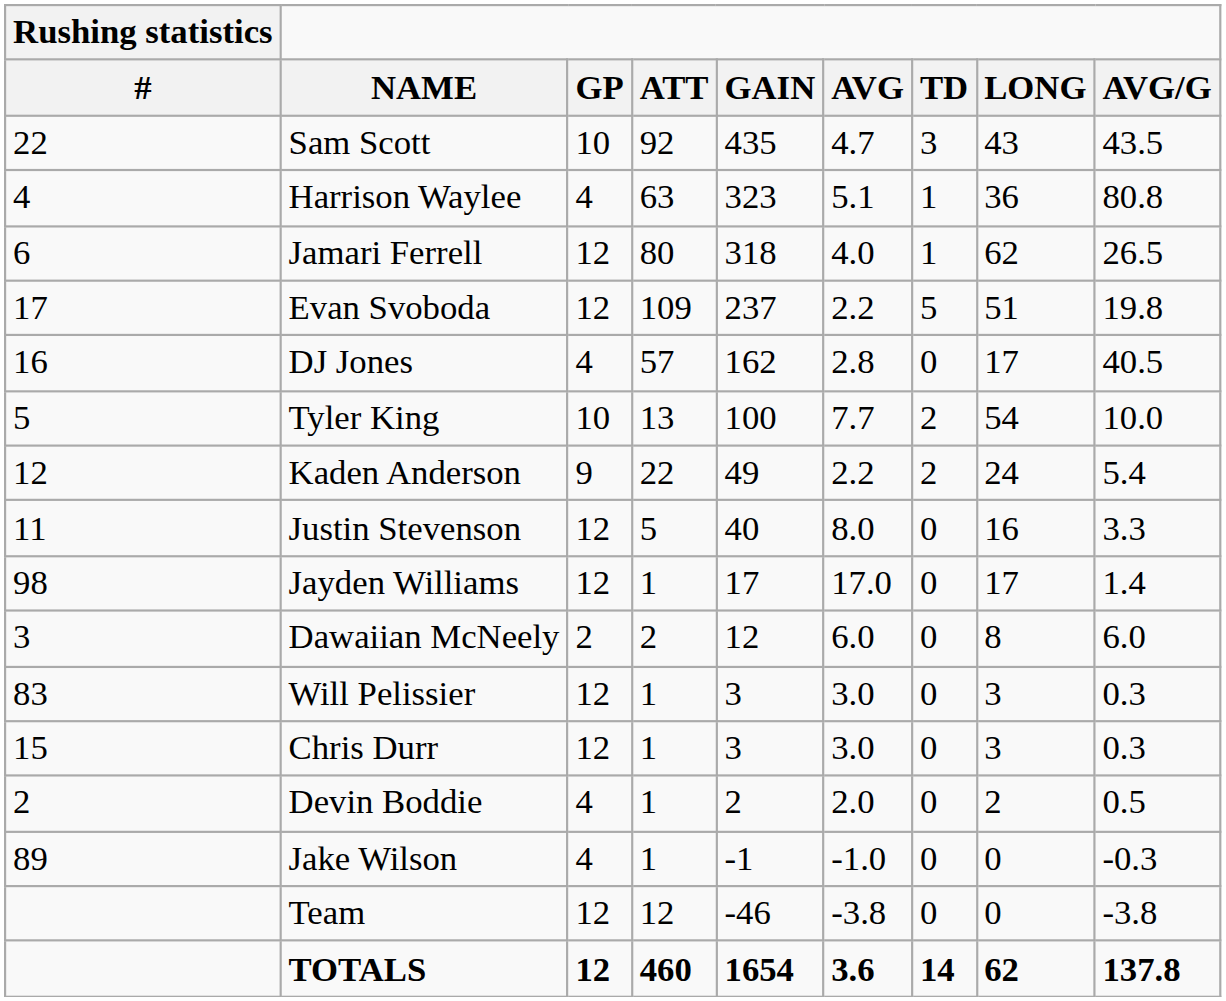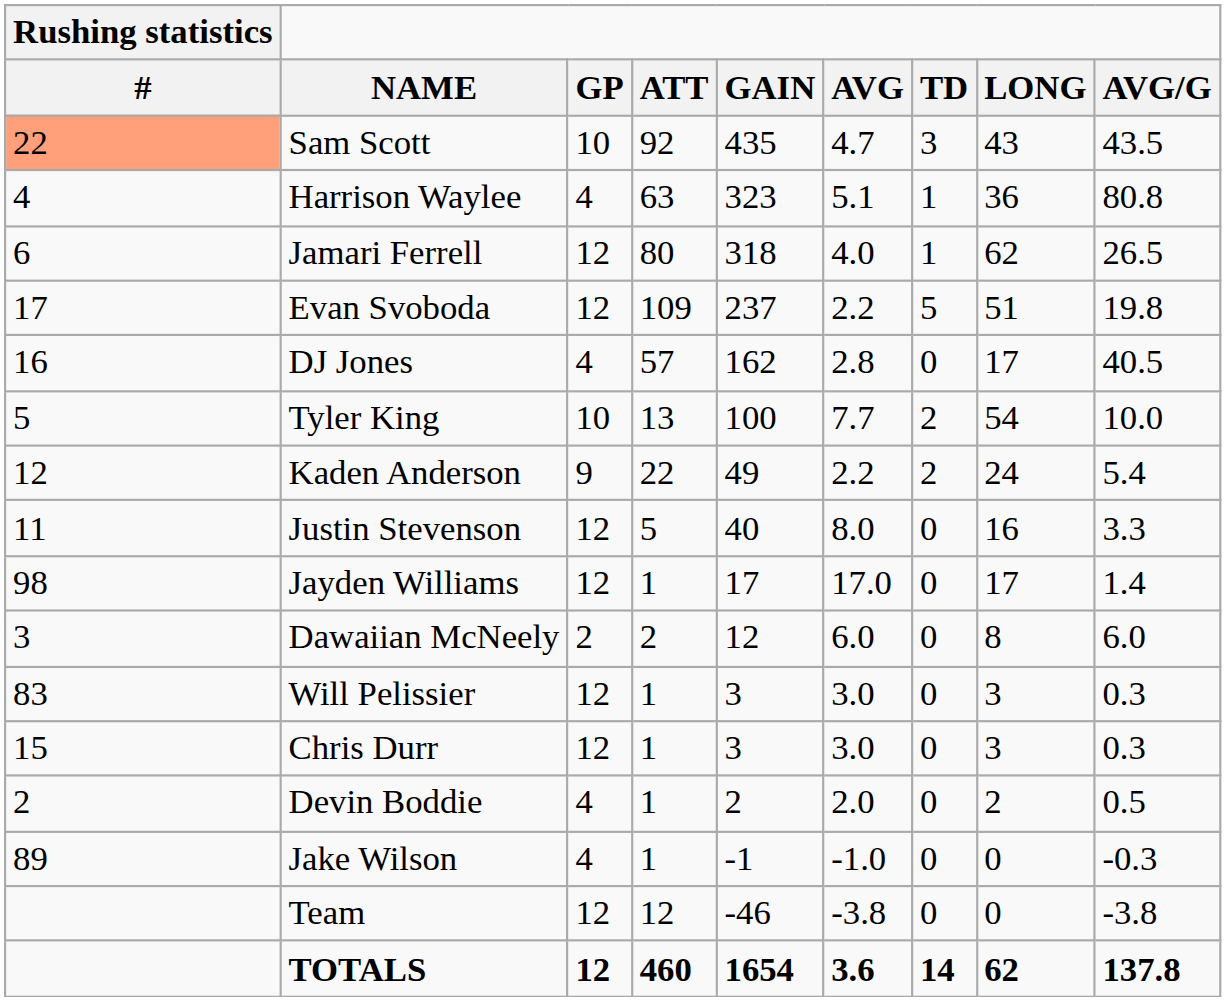 <table class="wikitable collapsible">
 <tr>
 <th style="text-align:center; ">Rushing statistics</th>
 </tr>
 <tr>
 <th>#</th>
 <th>NAME</th>
 <th>GP</th>
 <th>ATT</th>
 <th>GAIN</th>
 <th>AVG</th>
 <th>TD</th>
 <th>LONG</th>
 <th>AVG/G</th>
 </tr>
 <tr>
-<td>22</td>
+<td style="background: lightsalmon;">22</td>
 <td>Sam Scott</td>
 <td>10</td>
 <td>92</td>
 <td>435</td>
 <td>4.7</td>
 <td>3</td>
 <td>43</td>
 <td>43.5</td>
 </tr>
 <tr>
 <td>4</td>
 <td>Harrison Waylee</td>
 <td>4</td>
 <td>63</td>
 <td>323</td>
 <td>5.1</td>
 <td>1</td>
 <td>36</td>
 <td>80.8</td>
 </tr>
 <tr>
 <td>6</td>
 <td>Jamari Ferrell</td>
 <td>12</td>
 <td>80</td>
 <td>318</td>
 <td>4.0</td>
 <td>1</td>
 <td>62</td>
 <td>26.5</td>
 </tr>
 <tr>
 <td>17</td>
 <td>Evan Svoboda</td>
 <td>12</td>
 <td>109</td>
 <td>237</td>
 <td>2.2</td>
 <td>5</td>
 <td>51</td>
 <td>19.8</td>
 </tr>
 <tr>
 <td>16</td>
 <td>DJ Jones</td>
 <td>4</td>
 <td>57</td>
 <td>162</td>
 <td>2.8</td>
 <td>0</td>
 <td>17</td>
 <td>40.5</td>
 </tr>
 <tr>
 <td>5</td>
 <td>Tyler King</td>
 <td>10</td>
 <td>13</td>
 <td>100</td>
 <td>7.7</td>
 <td>2</td>
 <td>54</td>
 <td>10.0</td>
 </tr>
 <tr>
 <td>12</td>
 <td>Kaden Anderson</td>
 <td>9</td>
 <td>22</td>
 <td>49</td>
 <td>2.2</td>
 <td>2</td>
 <td>24</td>
 <td>5.4</td>
 </tr>
 <tr>
 <td>11</td>
 <td>Justin Stevenson</td>
 <td>12</td>
 <td>5</td>
 <td>40</td>
 <td>8.0</td>
 <td>0</td>
 <td>16</td>
 <td>3.3</td>
 </tr>
 <tr>
 <td>98</td>
 <td>Jayden Williams</td>
 <td>12</td>
 <td>1</td>
 <td>17</td>
 <td>17.0</td>
 <td>0</td>
 <td>17</td>
 <td>1.4</td>
 </tr>
 <tr>
 <td>3</td>
 <td>Dawaiian McNeely</td>
 <td>2</td>
 <td>2</td>
 <td>12</td>
 <td>6.0</td>
 <td>0</td>
 <td>8</td>
 <td>6.0</td>
 </tr>
 <tr>
 <td>83</td>
 <td>Will Pelissier</td>
 <td>12</td>
 <td>1</td>
 <td>3</td>
 <td>3.0</td>
 <td>0</td>
 <td>3</td>
 <td>0.3</td>
 </tr>
 <tr>
 <td>15</td>
 <td>Chris Durr</td>
 <td>12</td>
 <td>1</td>
 <td>3</td>
 <td>3.0</td>
 <td>0</td>
 <td>3</td>
 <td>0.3</td>
 </tr>
 <tr>
 <td>2</td>
 <td>Devin Boddie</td>
 <td>4</td>
 <td>1</td>
 <td>2</td>
 <td>2.0</td>
 <td>0</td>
 <td>2</td>
 <td>0.5</td>
 </tr>
 <tr>
 <td>89</td>
 <td>Jake Wilson</td>
 <td>4</td>
 <td>1</td>
 <td>-1</td>
 <td>-1.0</td>
 <td>0</td>
 <td>0</td>
 <td>-0.3</td>
 </tr>
 <tr>
 <td></td>
 <td>Team</td>
 <td>12</td>
 <td>12</td>
 <td>-46</td>
 <td>-3.8</td>
 <td>0</td>
 <td>0</td>
 <td>-3.8</td>
 </tr>
 <tr>
 <td></td>
 <td><strong>TOTALS</strong></td>
 <td><strong>12</strong></td>
 <td><strong>460</strong></td>
 <td><strong>1654</strong></td>
 <td><strong>3.6</strong></td>
 <td><strong>14</strong></td>
 <td><strong>62</strong></td>
 <td><strong>137.8</strong></td>
 </tr>
 </table>
